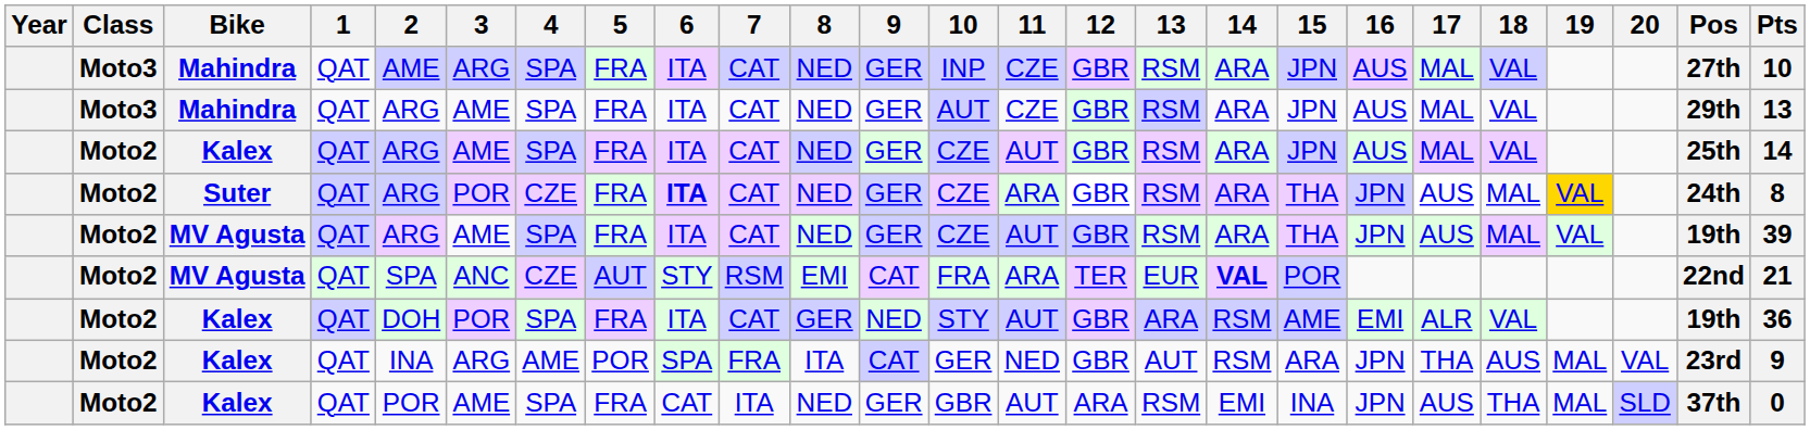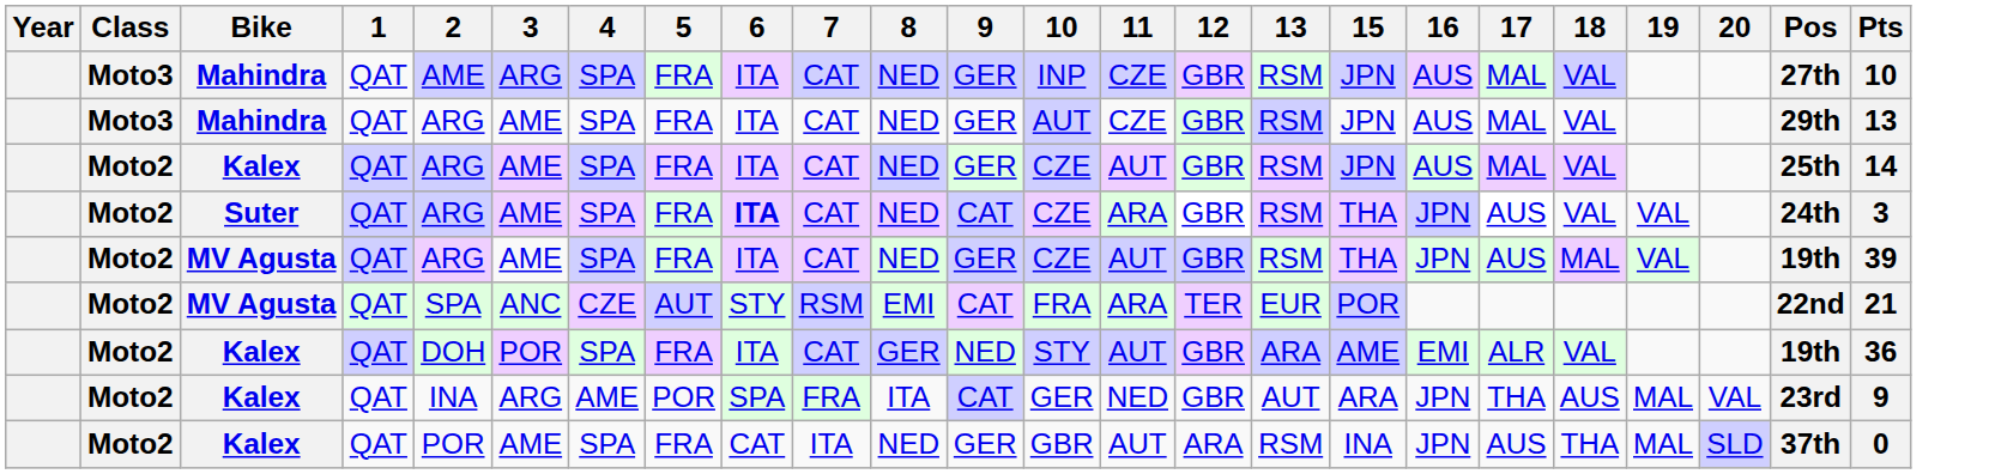 <table class="wikitable" style="text-align:center;">
 <tr>
 <th>Year</th>
 <th>Class</th>
 <th>Bike</th>
 <th>1</th>
 <th>2</th>
 <th>3</th>
 <th>4</th>
 <th>5</th>
 <th>6</th>
 <th>7</th>
 <th>8</th>
 <th>9</th>
 <th>10</th>
 <th>11</th>
 <th>12</th>
 <th>13</th>
-<th>14</th>
 <th>15</th>
 <th>16</th>
 <th>17</th>
 <th>18</th>
 <th>19</th>
 <th>20</th>
 <th>Pos</th>
 <th>Pts</th>
 </tr>
 <tr>
 <th></th>
 <th>Moto3</th>
 <th><a href='#'>Mahindra</a></th>
 <td><a href='#'>QAT</a></td>
 <td style="background:#CFCFFF;"><a href='#'>AME</a><br></td>
 <td style="background:#CFCFFF;"><a href='#'>ARG</a><br></td>
 <td style="background:#CFCFFF;"><a href='#'>SPA</a><br></td>
 <td style="background:#DFFFDF;"><a href='#'>FRA</a><br></td>
 <td style="background:#EFCFFF;"><a href='#'>ITA</a><br></td>
 <td style="background:#CFCFFF;"><a href='#'>CAT</a><br></td>
 <td style="background:#CFCFFF;"><a href='#'>NED</a><br></td>
 <td style="background:#CFCFFF;"><a href='#'>GER</a><br></td>
 <td style="background:#CFCFFF;"><a href='#'>INP</a><br></td>
 <td style="background:#CFCFFF;"><a href='#'>CZE</a><br></td>
 <td style="background:#EFCFFF;"><a href='#'>GBR</a><br></td>
 <td style="background:#DFFFDF;"><a href='#'>RSM</a><br></td>
-<td style="background:#DFFFDF;"><a href='#'>ARA</a><br></td>
 <td style="background:#CFCFFF;"><a href='#'>JPN</a><br></td>
 <td style="background:#EFCFFF;"><a href='#'>AUS</a><br></td>
 <td style="background:#DFFFDF;"><a href='#'>MAL</a><br></td>
 <td style="background:#CFCFFF;"><a href='#'>VAL</a><br></td>
 <td></td>
 <td></td>
 <th>27th</th>
 <th>10</th>
 </tr>
 <tr>
 <th></th>
 <th>Moto3</th>
 <th><a href='#'>Mahindra</a></th>
 <td><a href='#'>QAT</a></td>
 <td><a href='#'>ARG</a></td>
 <td><a href='#'>AME</a></td>
 <td><a href='#'>SPA</a></td>
 <td><a href='#'>FRA</a></td>
 <td><a href='#'>ITA</a></td>
 <td><a href='#'>CAT</a></td>
 <td><a href='#'>NED</a></td>
 <td><a href='#'>GER</a></td>
 <td style="background:#CFCFFF;"><a href='#'>AUT</a><br></td>
 <td><a href='#'>CZE</a></td>
 <td style="background:#DFFFDF;"><a href='#'>GBR</a><br></td>
 <td style="background:#CFCFFF;"><a href='#'>RSM</a><br></td>
-<td><a href='#'>ARA</a></td>
 <td><a href='#'>JPN</a></td>
 <td><a href='#'>AUS</a></td>
 <td><a href='#'>MAL</a></td>
 <td><a href='#'>VAL</a></td>
 <td></td>
 <td></td>
 <th>29th</th>
 <th>13</th>
 </tr>
 <tr>
 <th></th>
 <th>Moto2</th>
 <th><a href='#'>Kalex</a></th>
 <td style="background:#cfcfff;"><a href='#'>QAT</a><br></td>
 <td style="background:#cfcfff;"><a href='#'>ARG</a><br></td>
 <td style="background:#efcfff;"><a href='#'>AME</a><br></td>
 <td style="background:#cfcfff;"><a href='#'>SPA</a><br></td>
 <td style="background:#efcfff;"><a href='#'>FRA</a><br></td>
 <td style="background:#efcfff;"><a href='#'>ITA</a><br></td>
 <td style="background:#efcfff;"><a href='#'>CAT</a><br></td>
 <td style="background:#cfcfff;"><a href='#'>NED</a><br></td>
 <td style="background:#dfffdf;"><a href='#'>GER</a><br></td>
 <td style="background:#cfcfff;"><a href='#'>CZE</a><br></td>
 <td style="background:#efcfff;"><a href='#'>AUT</a><br></td>
 <td style="background:#dfffdf;"><a href='#'>GBR</a><br></td>
 <td style="background:#efcfff;"><a href='#'>RSM</a><br></td>
-<td style="background:#dfffdf;"><a href='#'>ARA</a><br></td>
 <td style="background:#cfcfff;"><a href='#'>JPN</a><br></td>
 <td style="background:#dfffdf;"><a href='#'>AUS</a><br></td>
 <td style="background:#efcfff;"><a href='#'>MAL</a><br></td>
 <td style="background:#efcfff;"><a href='#'>VAL</a><br></td>
 <td></td>
 <td></td>
 <th>25th</th>
 <th>14</th>
 </tr>
 <tr>
 <th></th>
 <th>Moto2</th>
 <th><a href='#'>Suter</a></th>
 <td style="background:#CFCFFF;"><a href='#'>QAT</a><br></td>
 <td style="background:#CFCFFF;"><a href='#'>ARG</a><br></td>
-<td style="background:#efcfff;"><a href='#'>POR</a><br></td>
-<td style="background:#efcfff;"><a href='#'>CZE</a><br></td>
+<td style="background:#EFCFFF;"><a href='#'>AME</a><br></td>
+<td style="background:#EFCFFF;"><a href='#'>SPA</a><br></td>
 <td style="background:#DFFFDF;"><a href='#'>FRA</a><br></td>
 <td style="background:#EFCFFF;"><strong><a href='#'>ITA</a><br></strong></td>
 <td style="background:#EFCFFF;"><a href='#'>CAT</a><br></td>
 <td style="background:#EFCFFF;"><a href='#'>NED</a><br></td>
-<td style="background:#CFCFFF;"><a href='#'>GER</a><br></td>
+<td style="background:#cfcfff;"><a href='#'>CAT</a><br></td>
 <td style="background:#EFCFFF;"><a href='#'>CZE</a><br></td>
 <td style="background:#dfffdf;"><a href='#'>ARA</a><br></td>
 <td style="background:#FFFFFF;"><a href='#'>GBR</a><br></td>
 <td style="background:#EFCFFF;"><a href='#'>RSM</a><br></td>
-<td style="background:#EFCFFF;"><a href='#'>ARA</a><br></td>
 <td style="background:#EFCFFF;"><a href='#'>THA</a><br></td>
 <td style="background:#CFCFFF;"><a href='#'>JPN</a><br></td>
 <td style="background:#FFFFFF;"><a href='#'>AUS</a><br></td>
-<td><a href='#'>MAL</a></td>
-<td style="background: gold;"><a href='#'>VAL</a></td>
+<td><a href='#'>VAL</a></td>
+<td><a href='#'>VAL</a></td>
 <td></td>
 <th>24th</th>
-<th>8</th>
+<th>3</th>
 </tr>
 <tr>
 <th></th>
 <th>Moto2</th>
 <th><a href='#'>MV Agusta</a></th>
 <td style="background:#cfcfff;"><a href='#'>QAT</a><br></td>
 <td style="background:#efcfff;"><a href='#'>ARG</a><br></td>
 <td><a href='#'>AME</a></td>
 <td style="background:#cfcfff;"><a href='#'>SPA</a><br></td>
 <td style="background:#dfffdf;"><a href='#'>FRA</a><br></td>
 <td style="background:#efcfff;"><a href='#'>ITA</a><br></td>
 <td style="background:#efcfff;"><a href='#'>CAT</a><br></td>
 <td style="background:#dfffdf;"><a href='#'>NED</a><br></td>
 <td style="background:#cfcfff;"><a href='#'>GER</a><br></td>
 <td style="background:#cfcfff;"><a href='#'>CZE</a><br></td>
 <td style="background:#cfcfff;"><a href='#'>AUT</a><br></td>
 <td style="background:#cfcfff;"><a href='#'>GBR</a><br></td>
 <td style="background:#dfffdf;"><a href='#'>RSM</a><br></td>
-<td style="background:#dfffdf;"><a href='#'>ARA</a><br></td>
 <td style="background:#efcfff;"><a href='#'>THA</a><br></td>
 <td style="background:#dfffdf;"><a href='#'>JPN</a><br></td>
 <td style="background:#dfffdf;"><a href='#'>AUS</a><br></td>
 <td style="background:#efcfff;"><a href='#'>MAL</a><br></td>
 <td style="background:#dfffdf;"><a href='#'>VAL</a><br></td>
 <td></td>
 <th>19th</th>
 <th>39</th>
 </tr>
 <tr>
 <th></th>
 <th>Moto2</th>
 <th><a href='#'>MV Agusta</a></th>
 <td style="background:#dfffdf;"><a href='#'>QAT</a><br></td>
 <td style="background:#dfffdf;"><a href='#'>SPA</a><br></td>
 <td style="background:#dfffdf;"><a href='#'>ANC</a><br></td>
 <td style="background:#efcfff;"><a href='#'>CZE</a><br></td>
 <td style="background:#cfcfff;"><a href='#'>AUT</a><br></td>
 <td style="background:#dfffdf;"><a href='#'>STY</a><br></td>
 <td style="background:#cfcfff;"><a href='#'>RSM</a><br></td>
 <td style="background:#dfffdf;"><a href='#'>EMI</a><br></td>
 <td style="background:#efcfff;"><a href='#'>CAT</a><br></td>
 <td style="background:#dfffdf;"><a href='#'>FRA</a><br></td>
 <td style="background:#dfffdf;"><a href='#'>ARA</a><br></td>
 <td style="background:#efcfff;"><a href='#'>TER</a><br></td>
 <td style="background:#dfffdf;"><a href='#'>EUR</a><br></td>
-<td style="background:#efcfff;"><strong><a href='#'>VAL</a></strong><br></td>
 <td style="background:#cfcfff;"><a href='#'>POR</a><br></td>
 <td></td>
 <td></td>
 <td></td>
 <td></td>
 <td></td>
 <th>22nd</th>
 <th>21</th>
 </tr>
 <tr>
 <th></th>
 <th>Moto2</th>
 <th><a href='#'>Kalex</a></th>
 <td style="background:#cfcfff;"><a href='#'>QAT</a><br></td>
 <td style="background:#dfffdf;"><a href='#'>DOH</a><br></td>
 <td style="background:#efcfff;"><a href='#'>POR</a><br></td>
 <td style="background:#dfffdf;"><a href='#'>SPA</a><br></td>
 <td style="background:#efcfff;"><a href='#'>FRA</a><br></td>
 <td style="background:#dfffdf;"><a href='#'>ITA</a><br></td>
 <td style="background:#cfcfff;"><a href='#'>CAT</a><br></td>
 <td style="background:#cfcfff;"><a href='#'>GER</a><br></td>
 <td style="background:#dfffdf;"><a href='#'>NED</a><br></td>
 <td style="background:#cfcfff;"><a href='#'>STY</a><br></td>
 <td style="background:#cfcfff;"><a href='#'>AUT</a><br></td>
 <td style="background:#efcfff;"><a href='#'>GBR</a><br></td>
 <td style="background:#cfcfff;"><a href='#'>ARA</a><br></td>
-<td style="background:#cfcfff;"><a href='#'>RSM</a><br></td>
 <td style="background:#cfcfff;"><a href='#'>AME</a><br></td>
 <td style="background:#dfffdf;"><a href='#'>EMI</a><br></td>
 <td style="background:#dfffdf;"><a href='#'>ALR</a><br></td>
 <td style="background:#dfffdf;"><a href='#'>VAL</a><br></td>
 <td></td>
 <td></td>
 <th>19th</th>
 <th>36</th>
 </tr>
 <tr>
 <th></th>
 <th>Moto2</th>
 <th><a href='#'>Kalex</a></th>
 <td><a href='#'>QAT</a><br></td>
 <td><a href='#'>INA</a></td>
 <td><a href='#'>ARG</a></td>
 <td><a href='#'>AME</a></td>
 <td><a href='#'>POR</a></td>
 <td style="background:#dfffdf;"><a href='#'>SPA</a><br></td>
 <td style="background:#dfffdf;"><a href='#'>FRA</a><br></td>
 <td><a href='#'>ITA</a></td>
 <td style="background:#cfcfff;"><a href='#'>CAT</a><br></td>
 <td><a href='#'>GER</a></td>
 <td><a href='#'>NED</a></td>
 <td><a href='#'>GBR</a></td>
 <td><a href='#'>AUT</a></td>
-<td><a href='#'>RSM</a></td>
 <td><a href='#'>ARA</a></td>
 <td><a href='#'>JPN</a></td>
 <td><a href='#'>THA</a></td>
 <td><a href='#'>AUS</a></td>
 <td><a href='#'>MAL</a></td>
 <td><a href='#'>VAL</a></td>
 <th>23rd</th>
 <th>9</th>
 </tr>
 <tr>
 <th></th>
 <th>Moto2</th>
 <th><a href='#'>Kalex</a></th>
 <td><a href='#'>QAT</a></td>
 <td><a href='#'>POR</a></td>
 <td><a href='#'>AME</a></td>
 <td><a href='#'>SPA</a></td>
 <td><a href='#'>FRA</a></td>
 <td><a href='#'>CAT</a></td>
 <td><a href='#'>ITA</a></td>
 <td><a href='#'>NED</a></td>
 <td><a href='#'>GER</a></td>
 <td><a href='#'>GBR</a></td>
 <td><a href='#'>AUT</a></td>
 <td><a href='#'>ARA</a></td>
 <td><a href='#'>RSM</a></td>
-<td><a href='#'>EMI</a></td>
 <td><a href='#'>INA</a></td>
 <td><a href='#'>JPN</a></td>
 <td><a href='#'>AUS</a></td>
 <td><a href='#'>THA</a></td>
 <td><a href='#'>MAL</a></td>
 <td style="background:#CFCFFF;"><a href='#'>SLD</a><br></td>
 <th>37th</th>
 <th>0</th>
 </tr>
 </table>
